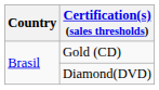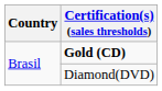 <table class="wikitable" border="1">
 <tr>
 <th>Country</th>
 <th><a href='#'>Certification(s)</a><br><small>(<a href='#'>sales thresholds</a>)</small></th>
 </tr>
 <tr>
 <td rowspan=2><a href='#'>Brasil</a></td>
-<td>Gold (CD)</td>
+<td><strong>Gold (CD)</strong></td>
 </tr>
 <tr>
 <td>Diamond(DVD)</td>
 </tr>
 </table>
